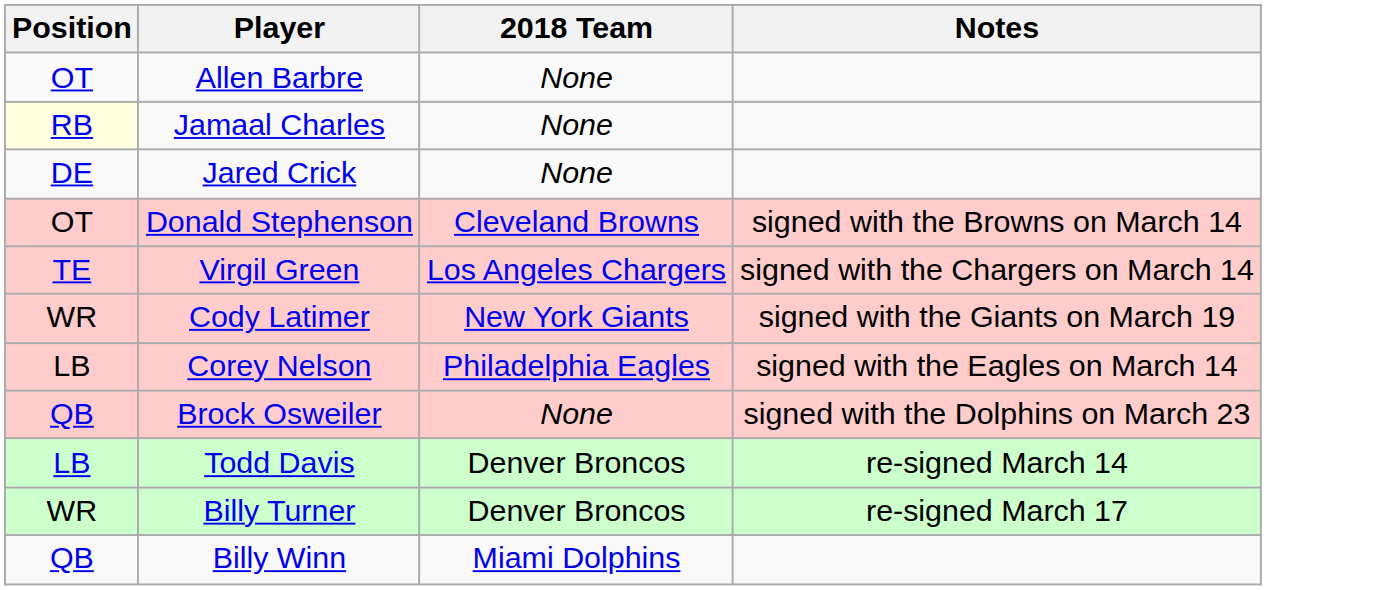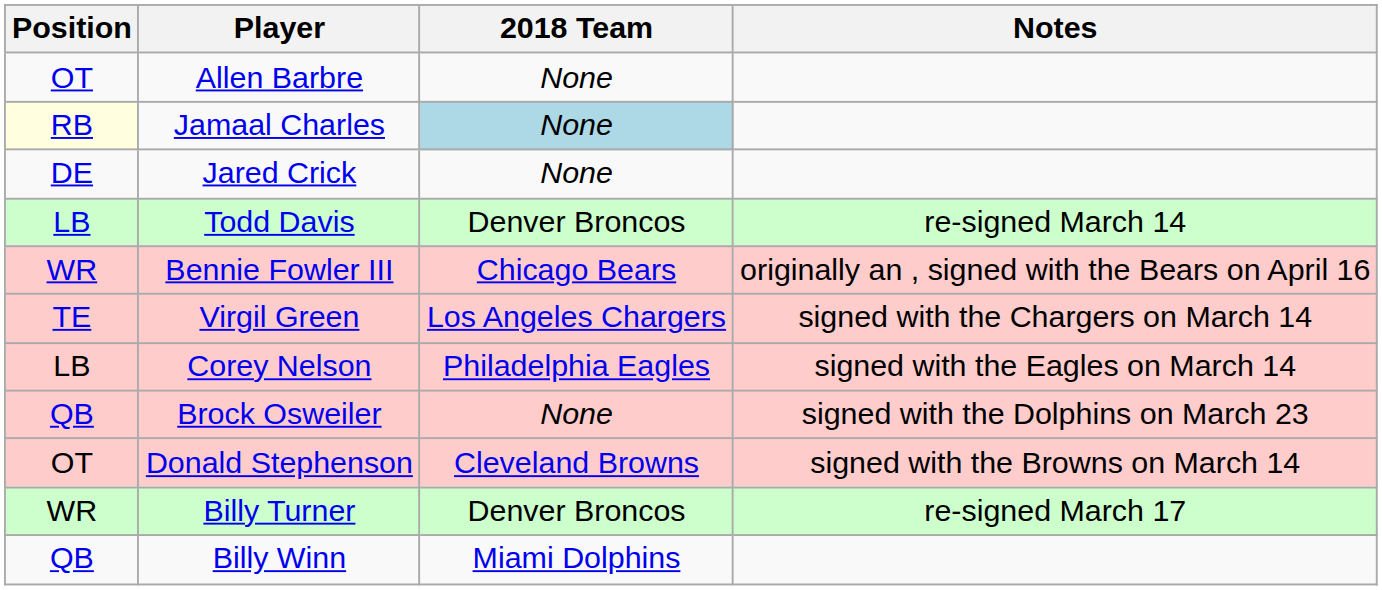 <table class="wikitable" style="text-align:center">
 <tr>
 <th>Position</th>
 <th>Player</th>
 <th>2018 Team</th>
 <th>Notes</th>
 </tr>
 <tr>
 <td><a href='#'>OT</a></td>
 <td><a href='#'>Allen Barbre</a></td>
 <td><em>None</em></td>
 <td></td>
 </tr>
 <tr>
 <td style="background: lightyellow;"><a href='#'>RB</a></td>
 <td><a href='#'>Jamaal Charles</a></td>
-<td><em>None</em></td>
+<td style="background: lightblue;"><em>None</em></td>
 <td></td>
 </tr>
 <tr style="background:#">
 <td><a href='#'>DE</a></td>
 <td><a href='#'>Jared Crick</a></td>
 <td><em>None</em></td>
 <td></td>
 </tr>
+<tr style="background:#cfc">
+<td><a href='#'>LB</a></td>
+<td><a href='#'>Todd Davis</a></td>
+<td>Denver Broncos</td>
+<td>re-signed March 14</td>
+</tr>
 <tr style="background:#fcc">
-<td>OT</td>
-<td><a href='#'>Donald Stephenson</a></td>
-<td><a href='#'>Cleveland Browns</a></td>
-<td>signed with the Browns on March 14</td>
+<td><a href='#'>WR</a></td>
+<td><a href='#'>Bennie Fowler III</a></td>
+<td><a href='#'>Chicago Bears</a></td>
+<td>originally an , signed with the Bears on April 16</td>
 </tr>
 <tr style="background:#fcc">
 <td><a href='#'>TE</a></td>
 <td><a href='#'>Virgil Green</a></td>
 <td><a href='#'>Los Angeles Chargers</a></td>
 <td>signed with the Chargers on March 14</td>
-</tr>
-<tr style="background:#fcc">
-<td>WR</td>
-<td><a href='#'>Cody Latimer</a></td>
-<td><a href='#'>New York Giants</a></td>
-<td>signed with the Giants on March 19</td>
 </tr>
 <tr style="background:#fcc">
 <td>LB</td>
 <td><a href='#'>Corey Nelson</a></td>
 <td><a href='#'>Philadelphia Eagles</a></td>
 <td>signed with the Eagles on March 14</td>
 </tr>
 <tr style="background:#fcc">
 <td><a href='#'>QB</a></td>
 <td><a href='#'>Brock Osweiler</a></td>
 <td><em>None</em></td>
 <td>signed with the Dolphins on March 23</td>
 </tr>
-<tr style="background:#cfc">
-<td><a href='#'>LB</a></td>
-<td><a href='#'>Todd Davis</a></td>
-<td>Denver Broncos</td>
-<td>re-signed March 14</td>
+<tr style="background:#fcc">
+<td>OT</td>
+<td><a href='#'>Donald Stephenson</a></td>
+<td><a href='#'>Cleveland Browns</a></td>
+<td>signed with the Browns on March 14</td>
 </tr>
 <tr style="background:#cfc">
 <td>WR</td>
 <td><a href='#'>Billy Turner</a></td>
 <td>Denver Broncos</td>
 <td>re-signed March 17</td>
 </tr>
 <tr>
 <td><a href='#'>QB</a></td>
 <td><a href='#'>Billy Winn</a></td>
 <td><a href='#'>Miami Dolphins</a></td>
 <td></td>
 </tr>
 </table>
